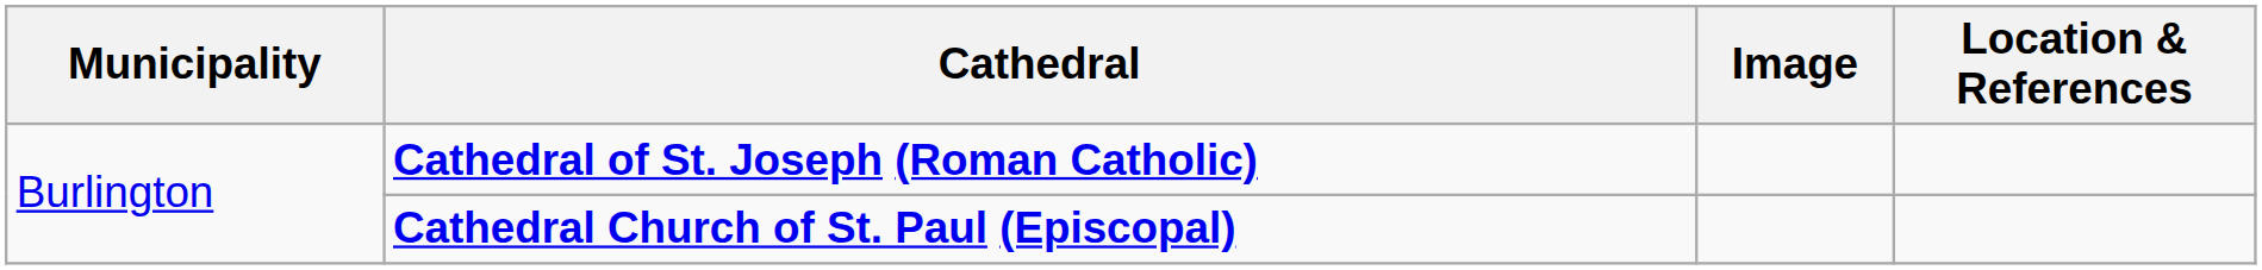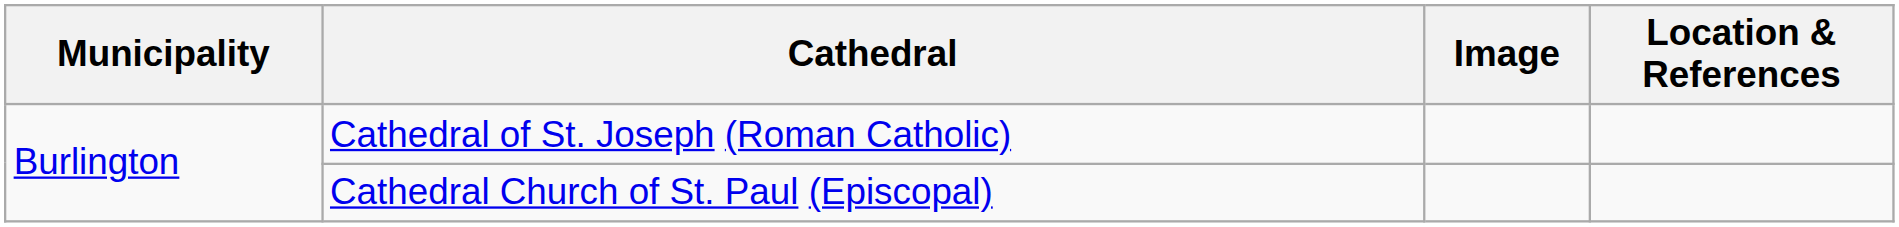 <table width=65% class="wikitable">
 <tr>
 <th width = 10%>Municipality</th>
 <th width = 40%>Cathedral</th>
 <th width = 5%>Image</th>
 <th width = 10%>Location & References</th>
 </tr>
 <tr>
 <td rowspan=2><a href='#'>Burlington</a></td>
-<td><strong><a href='#'>Cathedral of St. Joseph</a> <a href='#'>(Roman Catholic)</a></strong></td>
+<td><a href='#'>Cathedral of St. Joseph</a> <a href='#'>(Roman Catholic)</a></td>
 <td></td>
 <td><small></small><br></td>
 </tr>
 <tr>
-<td><strong><a href='#'>Cathedral Church of St. Paul</a> <a href='#'>(Episcopal)</a></strong></td>
+<td><a href='#'>Cathedral Church of St. Paul</a> <a href='#'>(Episcopal)</a></td>
 <td></td>
 <td><small></small><br></td>
 </tr>
 </table>
